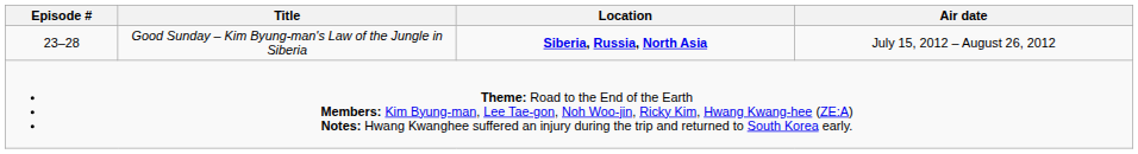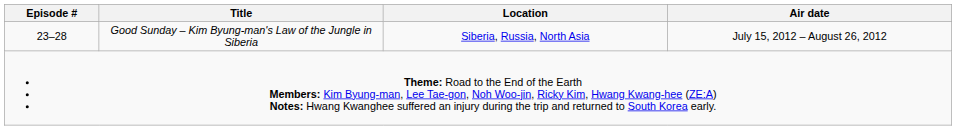 <table class="wikitable" style="text-align:center; font-size:90%; width:100%;">
 <tr>
 <th width="10%">Episode #</th>
 <th width="30%">Title</th>
 <th width="30%">Location</th>
 <th width="30%">Air date</th>
 </tr>
 <tr>
 <td>23–28</td>
 <td><em>Good Sunday – Kim Byung-man's Law of the Jungle in Siberia</em></td>
-<td><strong><a href='#'>Siberia</a>, <a href='#'>Russia</a>, <a href='#'>North Asia</a></strong></td>
+<td><a href='#'>Siberia</a>, <a href='#'>Russia</a>, <a href='#'>North Asia</a></td>
 <td>July 15, 2012 – August 26, 2012</td>
 </tr>
 <tr>
 <td colspan="4"><br><ul><li><strong>Theme:</strong> Road to the End of the Earth</li><li><strong>Members:</strong> <a href='#'>Kim Byung-man</a>, <a href='#'>Lee Tae-gon</a>, <a href='#'>Noh Woo-jin</a>, <a href='#'>Ricky Kim</a>, <a href='#'>Hwang Kwang-hee</a> (<a href='#'>ZE:A</a>)</li><li><strong>Notes:</strong> Hwang Kwanghee suffered an injury during the trip and returned to <a href='#'>South Korea</a> early.</li></ul></td>
 </tr>
 </table>
